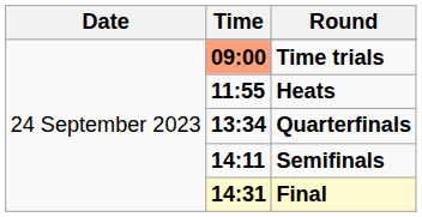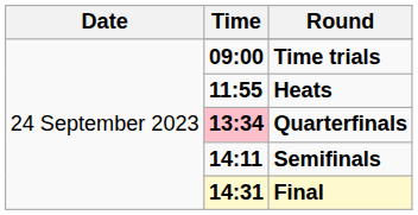 <table class="wikitable">
 <tr>
 <th>Date</th>
 <th>Time</th>
 <th>Round</th>
 </tr>
 <tr>
 <td rowspan=6>24 September 2023</td>
 </tr>
 <tr>
-<td style="background: lightsalmon;"><strong>09:00</strong></td>
+<td><strong>09:00</strong></td>
 <td><strong>Time trials</strong></td>
 </tr>
 <tr>
 <td><strong>11:55</strong></td>
 <td><strong>Heats</strong></td>
 </tr>
 <tr>
-<td><strong>13:34</strong></td>
+<td style="background: pink;"><strong>13:34</strong></td>
 <td><strong>Quarterfinals</strong></td>
 </tr>
 <tr>
 <td><strong>14:11</strong></td>
 <td><strong>Semifinals</strong></td>
 </tr>
 <tr style=background:lemonchiffon>
 <td><strong>14:31</strong></td>
 <td><strong>Final</strong></td>
 </tr>
 </table>
